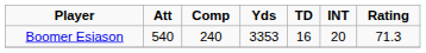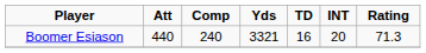 <table class="wikitable" width="80%">
 <tr align="center">
 <td><strong>Player</strong></td>
 <td><strong>Att</strong></td>
 <td><strong>Comp</strong></td>
 <td><strong>Yds</strong></td>
 <td><strong>TD</strong></td>
 <td><strong>INT</strong></td>
 <td><strong>Rating</strong></td>
 </tr>
 <tr align="center" bgcolor="">
 <td><a href='#'>Boomer Esiason</a></td>
-<td>540</td>
+<td>440</td>
 <td>240</td>
-<td>3353</td>
+<td>3321</td>
 <td>16</td>
 <td>20</td>
 <td>71.3</td>
 </tr>
 <tr align="center" bgcolor="">
 </tr>
 </table>
